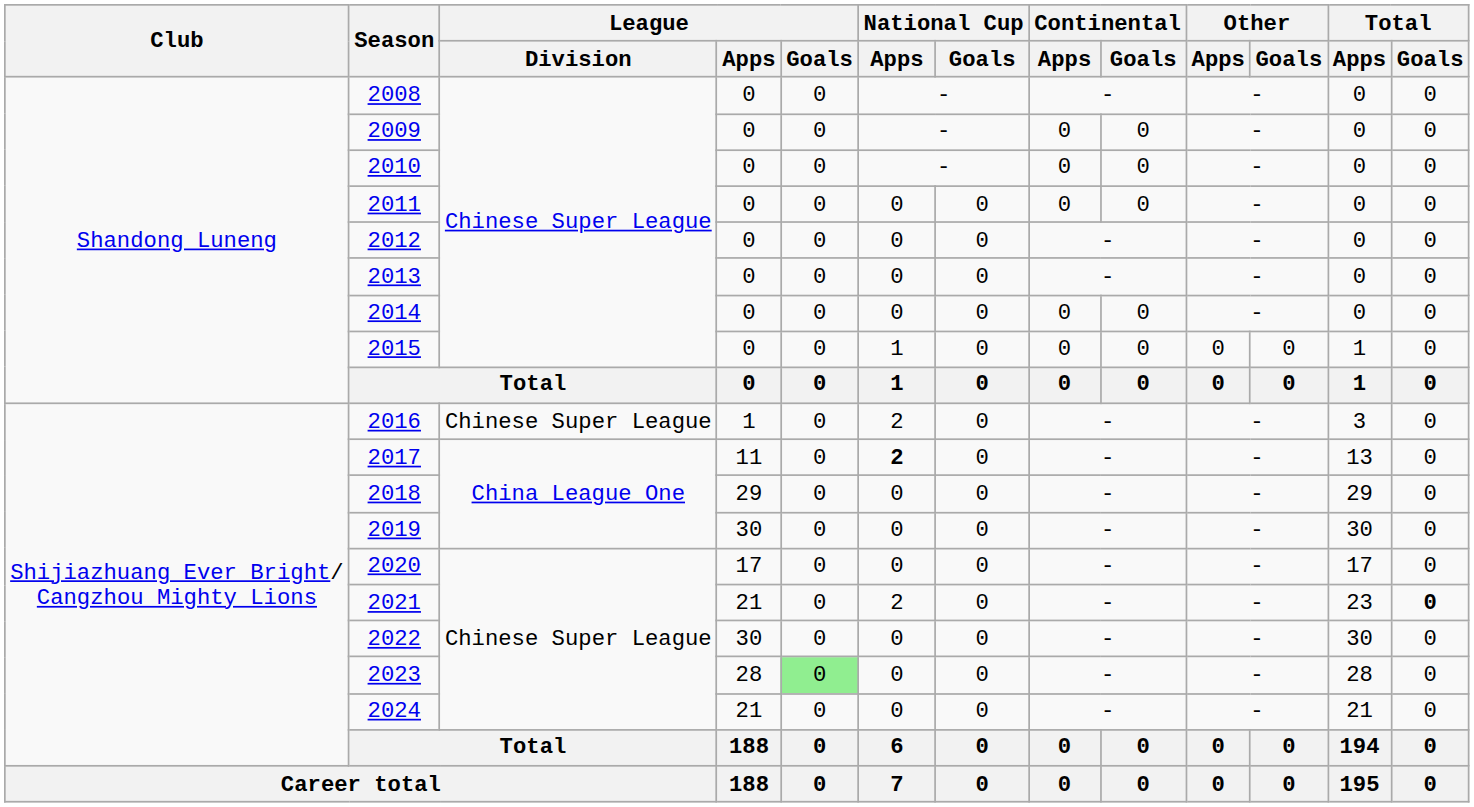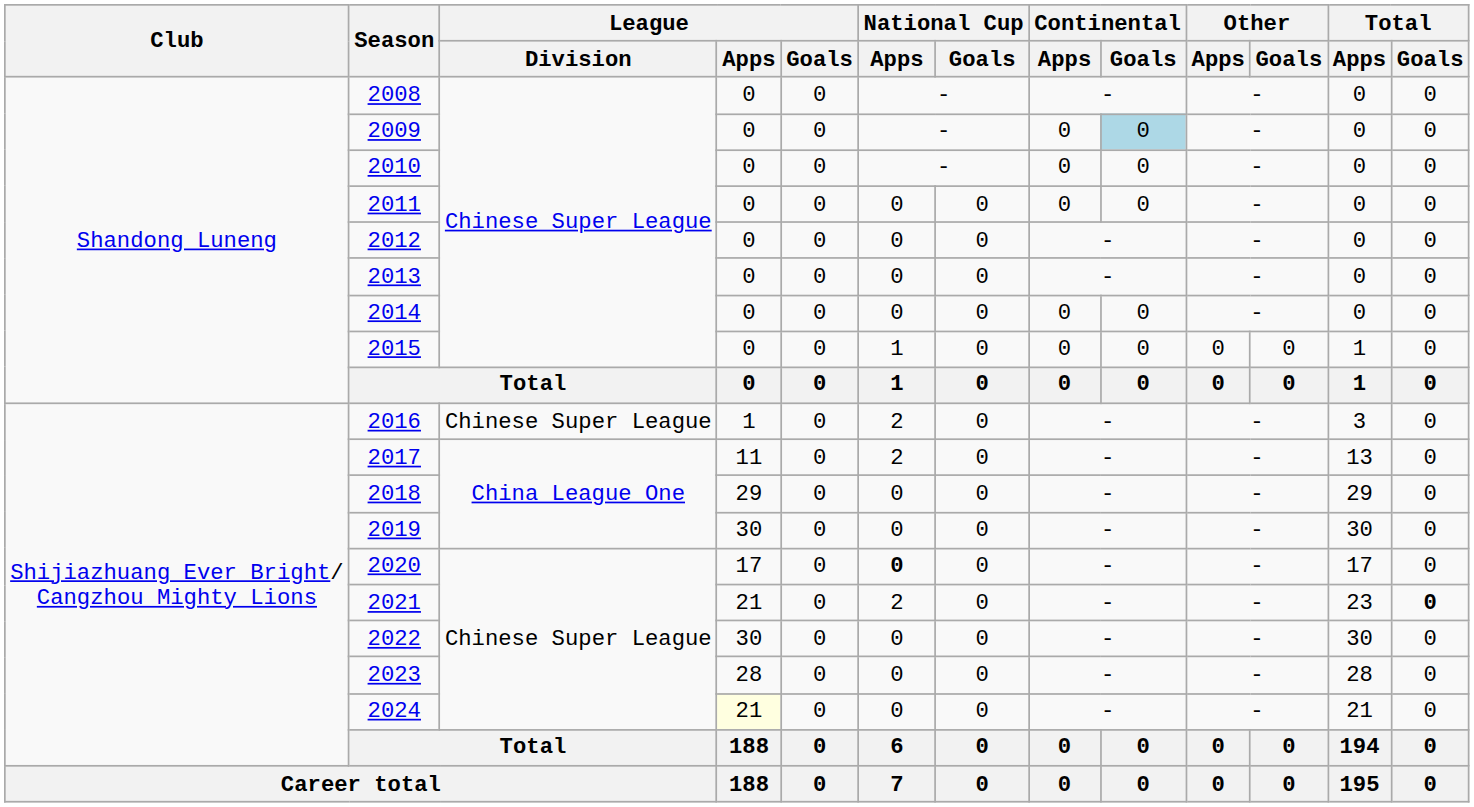 <table class="wikitable" style="text-align: center">
 <tr>
 <th rowspan="2">Club</th>
 <th rowspan="2">Season</th>
 <th colspan="3">League</th>
 <th colspan="2">National Cup</th>
 <th colspan="2">Continental</th>
 <th colspan="2">Other</th>
 <th colspan="2">Total</th>
 </tr>
 <tr>
 <th>Division</th>
 <th>Apps</th>
 <th>Goals</th>
 <th>Apps</th>
 <th>Goals</th>
 <th>Apps</th>
 <th>Goals</th>
 <th>Apps</th>
 <th>Goals</th>
 <th>Apps</th>
 <th>Goals</th>
 </tr>
 <tr>
 <td rowspan=9><a href='#'>Shandong Luneng</a></td>
 <td><a href='#'>2008</a></td>
 <td rowspan=8><a href='#'>Chinese Super League</a></td>
 <td>0</td>
 <td>0</td>
 <td colspan="2">-</td>
 <td colspan="2">-</td>
 <td colspan="2">-</td>
 <td>0</td>
 <td>0</td>
 </tr>
 <tr>
 <td><a href='#'>2009</a></td>
 <td>0</td>
 <td>0</td>
 <td colspan="2">-</td>
 <td>0</td>
-<td>0</td>
+<td style="background: lightblue;">0</td>
 <td colspan="2">-</td>
 <td>0</td>
 <td>0</td>
 </tr>
 <tr>
 <td><a href='#'>2010</a></td>
 <td>0</td>
 <td>0</td>
 <td colspan="2">-</td>
 <td>0</td>
 <td>0</td>
 <td colspan="2">-</td>
 <td>0</td>
 <td>0</td>
 </tr>
 <tr>
 <td><a href='#'>2011</a></td>
 <td>0</td>
 <td>0</td>
 <td>0</td>
 <td>0</td>
 <td>0</td>
 <td>0</td>
 <td colspan="2">-</td>
 <td>0</td>
 <td>0</td>
 </tr>
 <tr>
 <td><a href='#'>2012</a></td>
 <td>0</td>
 <td>0</td>
 <td>0</td>
 <td>0</td>
 <td colspan="2">-</td>
 <td colspan="2">-</td>
 <td>0</td>
 <td>0</td>
 </tr>
 <tr>
 <td><a href='#'>2013</a></td>
 <td>0</td>
 <td>0</td>
 <td>0</td>
 <td>0</td>
 <td colspan="2">-</td>
 <td colspan="2">-</td>
 <td>0</td>
 <td>0</td>
 </tr>
 <tr>
 <td><a href='#'>2014</a></td>
 <td>0</td>
 <td>0</td>
 <td>0</td>
 <td>0</td>
 <td>0</td>
 <td>0</td>
 <td colspan="2">-</td>
 <td>0</td>
 <td>0</td>
 </tr>
 <tr>
 <td><a href='#'>2015</a></td>
 <td>0</td>
 <td>0</td>
 <td>1</td>
 <td>0</td>
 <td>0</td>
 <td>0</td>
 <td>0</td>
 <td>0</td>
 <td>1</td>
 <td>0</td>
 </tr>
 <tr>
 <th colspan=2>Total</th>
 <th>0</th>
 <th>0</th>
 <th>1</th>
 <th>0</th>
 <th>0</th>
 <th>0</th>
 <th>0</th>
 <th>0</th>
 <th>1</th>
 <th>0</th>
 </tr>
 <tr>
 <td rowspan=10><a href='#'>Shijiazhuang Ever Bright</a>/<br><a href='#'>Cangzhou Mighty Lions</a></td>
 <td><a href='#'>2016</a></td>
 <td>Chinese Super League</td>
 <td>1</td>
 <td>0</td>
 <td>2</td>
 <td>0</td>
 <td colspan="2">-</td>
 <td colspan="2">-</td>
 <td>3</td>
 <td>0</td>
 </tr>
 <tr>
 <td><a href='#'>2017</a></td>
 <td rowspan=3><a href='#'>China League One</a></td>
 <td>11</td>
 <td>0</td>
-<td><strong>2</strong></td>
+<td>2</td>
 <td>0</td>
 <td colspan="2">-</td>
 <td colspan="2">-</td>
 <td>13</td>
 <td>0</td>
 </tr>
 <tr>
 <td><a href='#'>2018</a></td>
 <td>29</td>
 <td>0</td>
 <td>0</td>
 <td>0</td>
 <td colspan="2">-</td>
 <td colspan="2">-</td>
 <td>29</td>
 <td>0</td>
 </tr>
 <tr>
 <td><a href='#'>2019</a></td>
 <td>30</td>
 <td>0</td>
 <td>0</td>
 <td>0</td>
 <td colspan="2">-</td>
 <td colspan="2">-</td>
 <td>30</td>
 <td>0</td>
 </tr>
 <tr>
 <td><a href='#'>2020</a></td>
 <td rowspan=5>Chinese Super League</td>
 <td>17</td>
 <td>0</td>
-<td>0</td>
+<td><strong>0</strong></td>
 <td>0</td>
 <td colspan="2">-</td>
 <td colspan="2">-</td>
 <td>17</td>
 <td>0</td>
 </tr>
 <tr>
 <td><a href='#'>2021</a></td>
 <td>21</td>
 <td>0</td>
 <td>2</td>
 <td>0</td>
 <td colspan="2">-</td>
 <td colspan="2">-</td>
 <td>23</td>
 <td><strong>0</strong></td>
 </tr>
 <tr>
 <td><a href='#'>2022</a></td>
 <td>30</td>
 <td>0</td>
 <td>0</td>
 <td>0</td>
 <td colspan="2">-</td>
 <td colspan="2">-</td>
 <td>30</td>
 <td>0</td>
 </tr>
 <tr>
 <td><a href='#'>2023</a></td>
 <td>28</td>
-<td style="background: lightgreen;">0</td>
+<td>0</td>
 <td>0</td>
 <td>0</td>
 <td colspan="2">-</td>
 <td colspan="2">-</td>
 <td>28</td>
 <td>0</td>
 </tr>
 <tr>
 <td><a href='#'>2024</a></td>
-<td>21</td>
+<td style="background: lightyellow;">21</td>
 <td>0</td>
 <td>0</td>
 <td>0</td>
 <td colspan="2">-</td>
 <td colspan="2">-</td>
 <td>21</td>
 <td>0</td>
 </tr>
 <tr>
 <th colspan=2>Total</th>
 <th>188</th>
 <th>0</th>
 <th>6</th>
 <th>0</th>
 <th>0</th>
 <th>0</th>
 <th>0</th>
 <th>0</th>
 <th>194</th>
 <th>0</th>
 </tr>
 <tr>
 <th colspan=3>Career total</th>
 <th>188</th>
 <th>0</th>
 <th>7</th>
 <th>0</th>
 <th>0</th>
 <th>0</th>
 <th>0</th>
 <th>0</th>
 <th>195</th>
 <th>0</th>
 </tr>
 </table>
